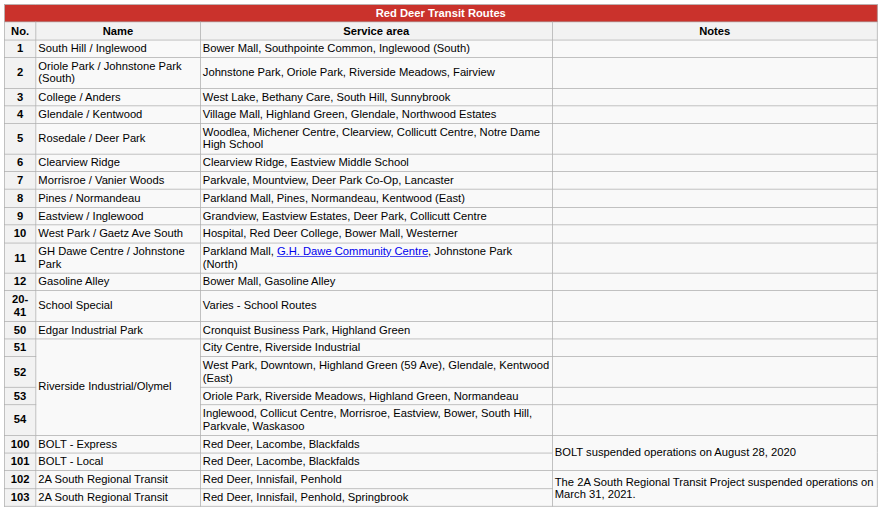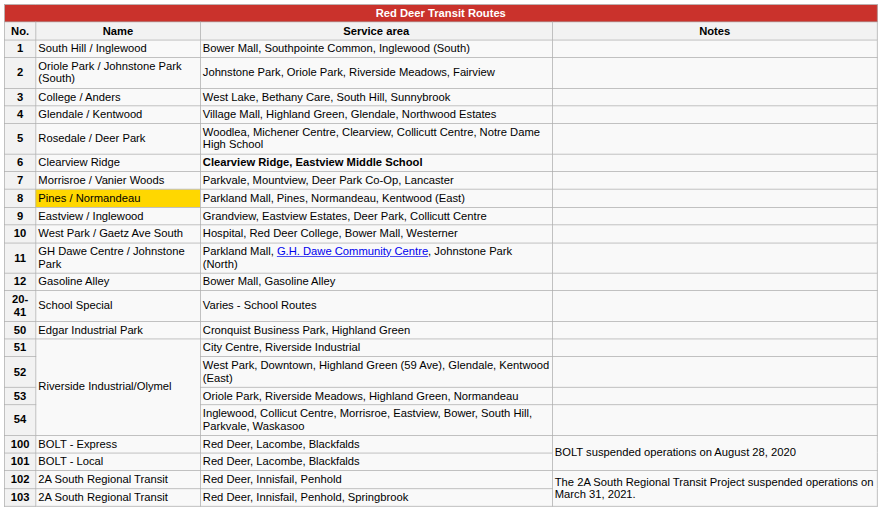 <table class="wikitable mw-collapsible mw-collapsed">
 <tr>
 <th style="background: #CA322C; font-size:100%; color:#FFFFFF;" colspan="4">Red Deer Transit Routes</th>
 </tr>
 <tr>
 <th>No.</th>
 <th>Name</th>
 <th>Service area</th>
 <th>Notes</th>
 </tr>
 <tr>
 <th>1</th>
 <td>South Hill / Inglewood</td>
 <td>Bower Mall, Southpointe Common, Inglewood (South)</td>
 <td></td>
 </tr>
 <tr>
 <th>2</th>
 <td>Oriole Park / Johnstone Park (South)</td>
 <td>Johnstone Park, Oriole Park, Riverside Meadows, Fairview</td>
 <td></td>
 </tr>
 <tr>
 <th>3</th>
 <td>College / Anders</td>
 <td>West Lake, Bethany Care, South Hill, Sunnybrook</td>
 <td></td>
 </tr>
 <tr>
 <th>4</th>
 <td>Glendale / Kentwood</td>
 <td>Village Mall, Highland Green, Glendale, Northwood Estates</td>
 <td></td>
 </tr>
 <tr>
 <th>5</th>
 <td>Rosedale / Deer Park</td>
 <td>Woodlea, Michener Centre, Clearview, Collicutt Centre, Notre Dame High School</td>
 <td></td>
 </tr>
 <tr>
 <th>6</th>
 <td>Clearview Ridge</td>
-<td>Clearview Ridge, Eastview Middle School</td>
+<td><strong>Clearview Ridge, Eastview Middle School</strong></td>
 <td></td>
 </tr>
 <tr>
 <th>7</th>
 <td>Morrisroe / Vanier Woods</td>
 <td>Parkvale, Mountview, Deer Park Co-Op, Lancaster</td>
 <td></td>
 </tr>
 <tr>
 <th>8</th>
-<td>Pines / Normandeau</td>
+<td style="background: gold;">Pines / Normandeau</td>
 <td>Parkland Mall, Pines, Normandeau, Kentwood (East)</td>
 <td></td>
 </tr>
 <tr>
 <th>9</th>
 <td>Eastview / Inglewood</td>
 <td>Grandview, Eastview Estates, Deer Park, Collicutt Centre</td>
 <td></td>
 </tr>
 <tr>
 <th>10</th>
 <td>West Park / Gaetz Ave South</td>
 <td>Hospital, Red Deer College, Bower Mall, Westerner</td>
 <td></td>
 </tr>
 <tr>
 <th>11</th>
 <td>GH Dawe Centre / Johnstone Park</td>
 <td>Parkland Mall, <a href='#'>G.H. Dawe Community Centre</a>, Johnstone Park (North)</td>
 <td></td>
 </tr>
 <tr>
 <th>12</th>
 <td>Gasoline Alley</td>
 <td>Bower Mall, Gasoline Alley</td>
 <td></td>
 </tr>
 <tr>
 <th>20-41</th>
 <td>School Special</td>
 <td>Varies - School Routes </td>
 <td></td>
 </tr>
 <tr>
 <th>50</th>
 <td>Edgar Industrial Park</td>
 <td>Cronquist Business Park, Highland Green</td>
 <td></td>
 </tr>
 <tr>
 <th>51</th>
 <td rowspan="4">Riverside Industrial/Olymel</td>
 <td>City Centre, Riverside Industrial</td>
 <td></td>
 </tr>
 <tr>
 <th>52</th>
 <td>West Park, Downtown, Highland Green (59 Ave), Glendale, Kentwood (East)</td>
 <td></td>
 </tr>
 <tr>
 <th>53</th>
 <td>Oriole Park, Riverside Meadows, Highland Green, Normandeau</td>
 <td></td>
 </tr>
 <tr>
 <th>54</th>
 <td>Inglewood, Collicut Centre, Morrisroe, Eastview, Bower, South Hill, Parkvale, Waskasoo</td>
 <td></td>
 </tr>
 <tr>
 <th>100</th>
 <td>BOLT - Express </td>
 <td>Red Deer, Lacombe, Blackfalds</td>
 <td rowspan="2">BOLT suspended operations on August 28, 2020</td>
 </tr>
 <tr>
 <th>101</th>
 <td>BOLT - Local </td>
 <td>Red Deer, Lacombe, Blackfalds</td>
 </tr>
 <tr>
 <th>102</th>
 <td>2A South Regional Transit</td>
 <td>Red Deer, Innisfail, Penhold</td>
 <td rowspan="2">The 2A South Regional Transit Project suspended operations on March 31, 2021.</td>
 </tr>
 <tr>
 <th>103</th>
 <td>2A South Regional Transit</td>
 <td>Red Deer, Innisfail, Penhold, Springbrook</td>
 </tr>
 </table>
